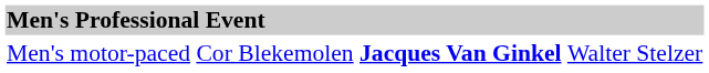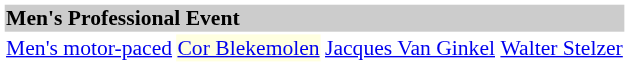 <table>
 <tr bgcolor="#cccccc">
 <td colspan=7><strong>Men's Professional Event</strong></td>
 </tr>
 <tr>
 <td><a href='#'>Men's motor-paced</a></td>
-<td><a href='#'>Cor Blekemolen</a><br></td>
-<td><strong><a href='#'>Jacques Van Ginkel</a><br></strong></td>
+<td style="background: lightyellow;"><a href='#'>Cor Blekemolen</a><br></td>
+<td><a href='#'>Jacques Van Ginkel</a><br></td>
 <td><a href='#'>Walter Stelzer</a><br></td>
 </tr>
 </table>
